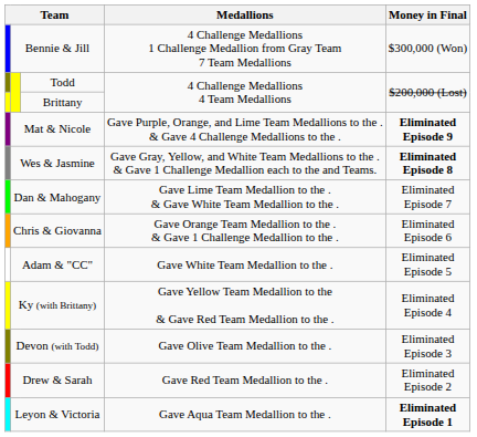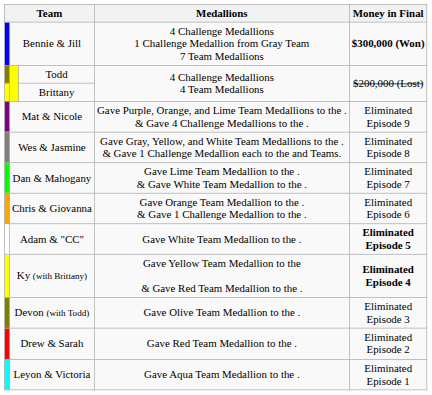 <table class="wikitable" border="2" style="text-align:center;font-size:96%">
 <tr>
 <th colspan="3">Team</th>
 <th colspan="4">Medallions</th>
 <th>Money in Final</th>
 </tr>
 <tr>
 <td style="background:Blue"></td>
 <td colspan="2">Bennie & Jill</td>
 <td colspan="4">4 Challenge Medallions<br>1 Challenge Medallion from Gray Team<br>7 Team Medallions</td>
-<td>$300,000 (Won)</td>
+<td><strong>$300,000 (Won)</strong></td>
 </tr>
 <tr>
 <td style="background: Olive"></td>
 <td rowspan="2" style="background:Yellow"></td>
 <td>Todd</td>
 <td colspan="4" rowspan="2">4 Challenge Medallions<br>4 Team Medallions</td>
 <td rowspan="2"><s> $200,000 (Lost)</s></td>
 </tr>
 <tr>
 <td style="background: Yellow"></td>
 <td>Brittany</td>
 </tr>
 <tr>
 <td style="background: Purple"></td>
 <td colspan="2">Mat & Nicole</td>
 <td colspan="4">Gave Purple, Orange, and Lime Team Medallions to the .<br>& Gave 4 Challenge Medallions to the .</td>
-<td><strong>Eliminated<br>Episode 9</strong></td>
+<td>Eliminated<br>Episode 9</td>
 </tr>
 <tr>
 <td style="background: Gray"></td>
 <td colspan="2">Wes & Jasmine</td>
 <td colspan="4">Gave Gray, Yellow, and White Team Medallions to the .<br>& Gave 1 Challenge Medallion each to the  and  Teams.</td>
-<td><strong>Eliminated<br>Episode 8</strong></td>
+<td>Eliminated<br>Episode 8</td>
 </tr>
 <tr>
 <td style="background:Lime"></td>
 <td colspan="2">Dan & Mahogany</td>
 <td colspan="4">Gave Lime Team Medallion to the .<br>& Gave White Team Medallion to the .</td>
 <td>Eliminated<br>Episode 7</td>
 </tr>
 <tr>
 <td style="background: Orange"></td>
 <td colspan="2">Chris & Giovanna</td>
 <td colspan="4">Gave Orange Team Medallion to the .<br>& Gave 1 Challenge Medallion to the .</td>
 <td>Eliminated<br>Episode 6</td>
 </tr>
 <tr>
 <td style="background: White"></td>
 <td colspan="2">Adam & "CC"</td>
 <td colspan="4">Gave White Team Medallion to the .</td>
-<td>Eliminated<br>Episode 5</td>
+<td><strong>Eliminated<br>Episode 5</strong></td>
 </tr>
 <tr>
 <td style="background: Yellow"></td>
 <td colspan="2">Ky <small>(with Brittany)</small></td>
 <td colspan="4">Gave Yellow Team Medallion to the <br><br>& Gave Red Team Medallion to the .</td>
-<td>Eliminated<br>Episode 4</td>
+<td><strong>Eliminated<br>Episode 4</strong></td>
 </tr>
 <tr>
 <td style="background: Olive"></td>
 <td colspan="2">Devon <small>(with Todd)</small></td>
 <td colspan="4">Gave Olive Team Medallion to the .</td>
 <td>Eliminated<br>Episode 3</td>
 </tr>
 <tr>
 <td style="background: Red"></td>
 <td colspan="2">Drew & Sarah</td>
 <td colspan="4">Gave Red Team Medallion to the .</td>
 <td>Eliminated<br>Episode 2</td>
 </tr>
 <tr>
 <td style="background:aqua"></td>
 <td colspan="2">Leyon & Victoria</td>
 <td colspan="4">Gave Aqua Team Medallion to the .</td>
-<td><strong>Eliminated<br>Episode 1</strong></td>
+<td>Eliminated<br>Episode 1</td>
 </tr>
 </table>
